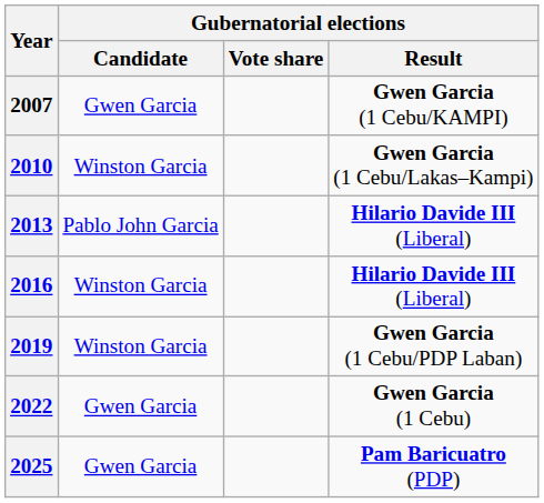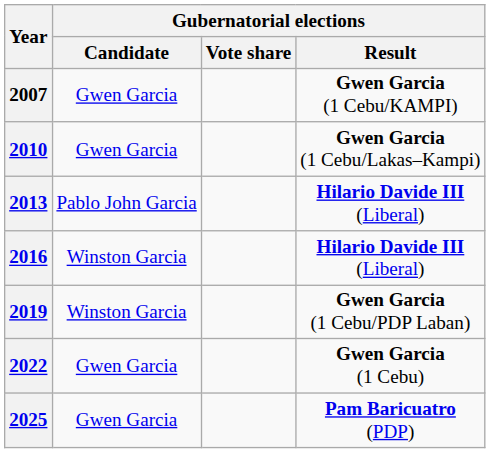 <table class="wikitable" style="text-align:center; font-size:90%">
 <tr>
 <th rowspan="2">Year</th>
 <th colspan="3">Gubernatorial elections</th>
 </tr>
 <tr>
 <th>Candidate</th>
 <th>Vote share</th>
 <th>Result</th>
 </tr>
 <tr>
 <th>2007</th>
 <td><a href='#'>Gwen Garcia</a></td>
 <td></td>
 <td style="background:"><span><strong>Gwen Garcia</strong><br>(1 Cebu/KAMPI)</span></td>
 </tr>
 <tr>
 <th><a href='#'>2010</a></th>
-<td><a href='#'>Winston Garcia</a></td>
+<td><a href='#'>Gwen Garcia</a></td>
 <td></td>
 <td style="background:"><span><strong>Gwen Garcia</strong><br>(1 Cebu/Lakas–Kampi)</span></td>
 </tr>
 <tr>
 <th><a href='#'>2013</a></th>
 <td><a href='#'>Pablo John Garcia</a></td>
 <td></td>
 <td><strong><a href='#'>Hilario Davide III</a></strong><br>(<a href='#'>Liberal</a>)</td>
 </tr>
 <tr>
 <th><a href='#'>2016</a></th>
 <td><a href='#'>Winston Garcia</a></td>
 <td></td>
 <td><strong><a href='#'>Hilario Davide III</a></strong><br>(<a href='#'>Liberal</a>)</td>
 </tr>
 <tr>
 <th><a href='#'>2019</a></th>
 <td><a href='#'>Winston Garcia</a></td>
 <td></td>
 <td style="background:"><span><strong>Gwen Garcia</strong><br>(1 Cebu/PDP Laban)</span></td>
 </tr>
 <tr>
 <th><a href='#'>2022</a></th>
 <td><a href='#'>Gwen Garcia</a></td>
 <td></td>
 <td style="background:"><span><strong>Gwen Garcia</strong><br>(1 Cebu)</span></td>
 </tr>
 <tr>
 <th><a href='#'>2025</a></th>
 <td><a href='#'>Gwen Garcia</a></td>
 <td></td>
 <td><strong><a href='#'>Pam Baricuatro</a></strong><br>(<a href='#'>PDP</a>)</td>
 </tr>
 </table>
